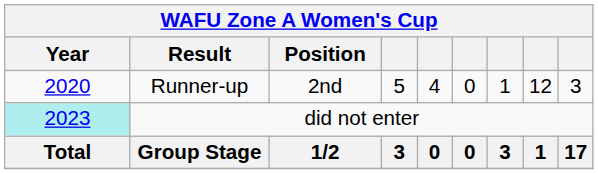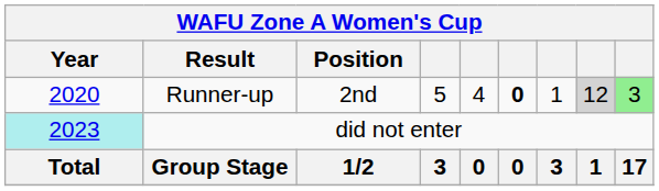 <table class="wikitable" style="text-align:center;">
 <tr>
 <th colspan="9"><a href='#'>WAFU Zone A Women's Cup</a></th>
 </tr>
 <tr>
 <th style="width:90px;">Year</th>
 <th style="width:100px;">Result</th>
 <th style="width:80px;">Position</th>
 <th style="width:20px;"></th>
 <th style="width:20px;"></th>
 <th style="width:20px;"></th>
 <th style="width:20px;"></th>
 <th style="width:20px;"></th>
 <th style="width:20px;"></th>
 </tr>
 <tr>
 <td> <a href='#'>2020</a></td>
 <td>Runner-up</td>
 <td>2nd</td>
 <td>5</td>
 <td>4</td>
-<td>0</td>
+<td><strong>0</strong></td>
 <td>1</td>
-<td>12</td>
-<td>3</td>
+<td style="background: lightgrey;">12</td>
+<td style="background: lightgreen;">3</td>
 </tr>
 <tr>
 <td style="background: paleturquoise;"> <a href='#'>2023</a></td>
 <td colspan=9>did not enter</td>
 </tr>
 <tr>
 <th>Total</th>
 <th>Group Stage</th>
 <th>1/2</th>
 <th>3</th>
 <th>0</th>
 <th>0</th>
 <th>3</th>
 <th>1</th>
 <th>17</th>
 </tr>
 <tr>
 </tr>
 </table>
